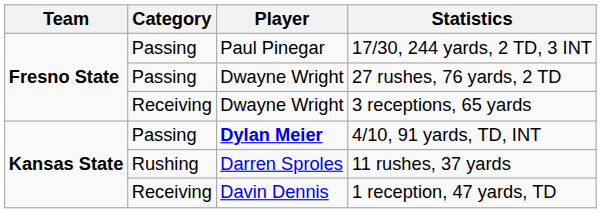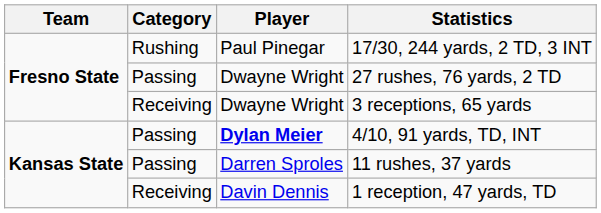 <table class="wikitable" style="float: left;">
 <tr>
 <th>Team</th>
 <th>Category</th>
 <th>Player</th>
 <th>Statistics</th>
 </tr>
 <tr>
 <td rowspan=3><strong>Fresno State</strong></td>
-<td>Passing</td>
+<td>Rushing</td>
 <td>Paul Pinegar</td>
 <td>17/30, 244 yards, 2 TD, 3 INT</td>
 </tr>
 <tr>
 <td>Passing</td>
 <td>Dwayne Wright</td>
 <td>27 rushes, 76 yards, 2 TD</td>
 </tr>
 <tr>
 <td>Receiving</td>
 <td>Dwayne Wright</td>
 <td>3 receptions, 65 yards</td>
 </tr>
 <tr>
 <td rowspan=3><strong>Kansas State</strong></td>
 <td>Passing</td>
 <td><strong><a href='#'>Dylan Meier</a></strong></td>
 <td>4/10, 91 yards, TD, INT</td>
 </tr>
 <tr>
-<td>Rushing</td>
+<td>Passing</td>
 <td><a href='#'>Darren Sproles</a></td>
 <td>11 rushes, 37 yards</td>
 </tr>
 <tr>
 <td>Receiving</td>
 <td><a href='#'>Davin Dennis</a></td>
 <td>1 reception, 47 yards, TD</td>
 </tr>
 </table>
